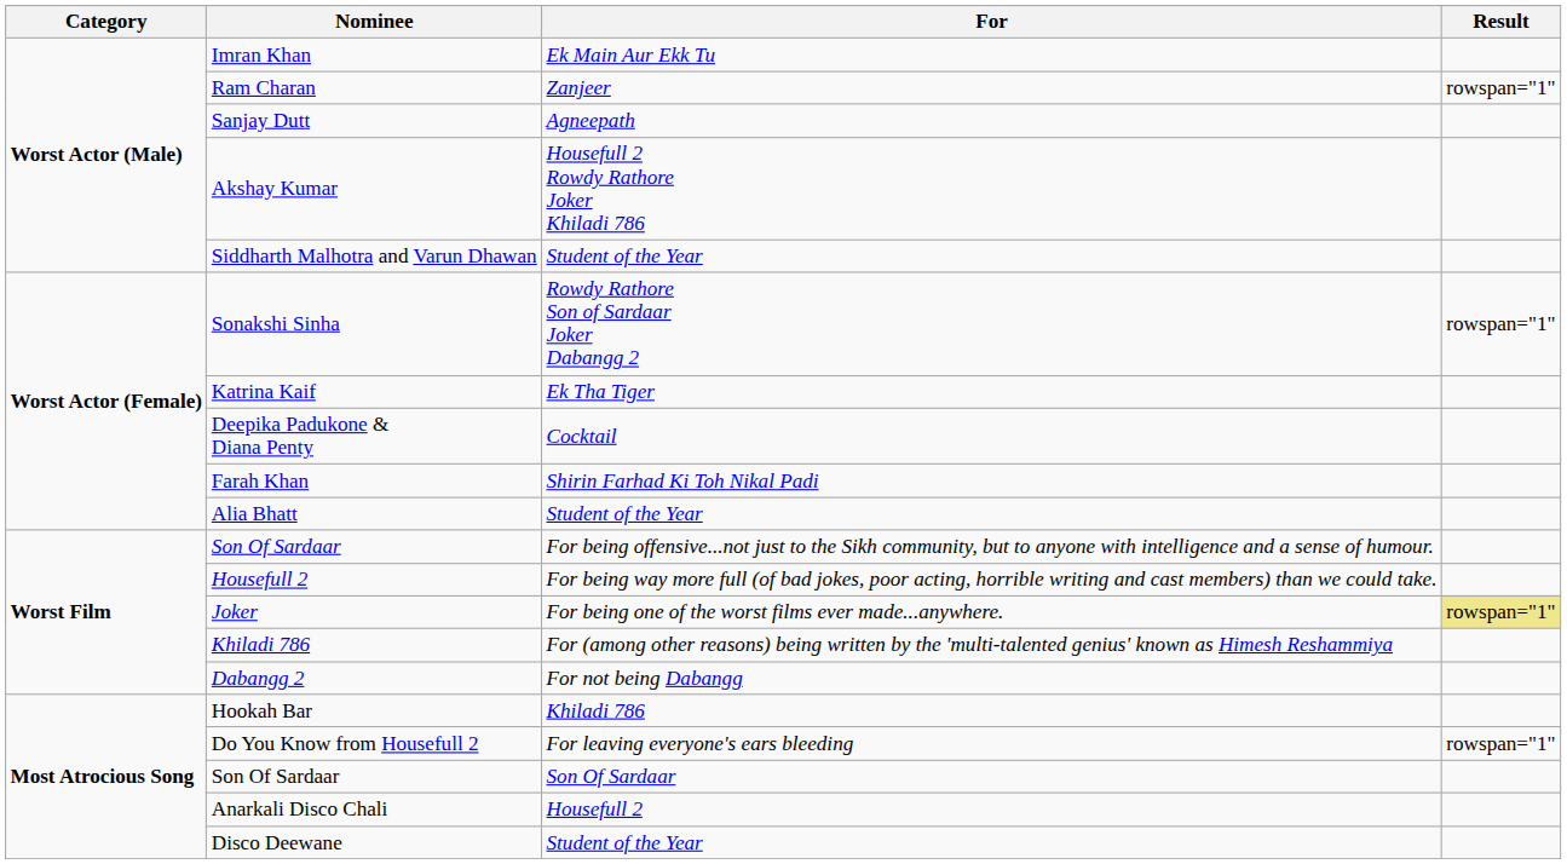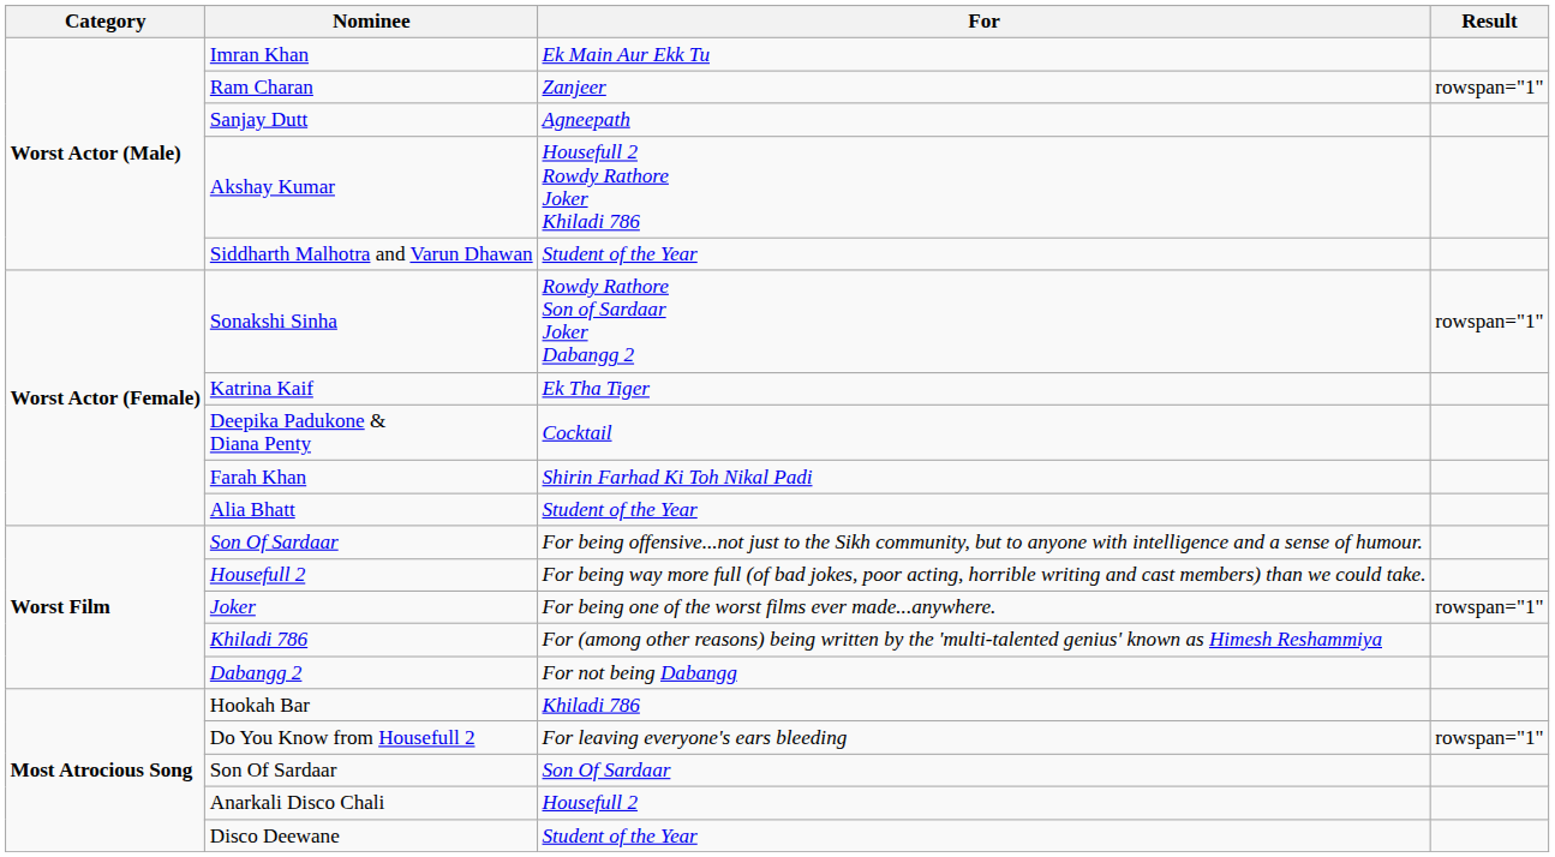 <table class="wikitable">
 <tr style="background:#ccc; width="100%" text-align:center;" bgcolor="#B0C4DE">
 <th>Category</th>
 <th>Nominee</th>
 <th>For</th>
 <th>Result</th>
 </tr>
 <tr>
 <td rowspan="5"><strong>Worst Actor (Male)</strong></td>
 <td><a href='#'>Imran Khan</a></td>
 <td><em><a href='#'>Ek Main Aur Ekk Tu</a></em></td>
 <td></td>
 </tr>
 <tr>
 <td><a href='#'>Ram Charan</a></td>
 <td><em><a href='#'>Zanjeer</a></em></td>
 <td>rowspan="1" </td>
 </tr>
 <tr>
 <td><a href='#'>Sanjay Dutt</a></td>
 <td><em><a href='#'>Agneepath</a></em></td>
 <td></td>
 </tr>
 <tr>
 <td><a href='#'>Akshay Kumar</a></td>
 <td><em><a href='#'>Housefull 2</a></em><br><em><a href='#'>Rowdy Rathore</a></em><br><em><a href='#'>Joker</a></em><br><em><a href='#'>Khiladi 786</a></em></td>
 <td></td>
 </tr>
 <tr>
 <td><a href='#'>Siddharth Malhotra</a> and <a href='#'>Varun Dhawan</a></td>
 <td><em><a href='#'>Student of the Year</a></em></td>
 <td></td>
 </tr>
 <tr>
 <td rowspan="5"><strong>Worst Actor (Female)</strong></td>
 <td><a href='#'>Sonakshi Sinha</a></td>
 <td><em><a href='#'>Rowdy Rathore</a></em><br><em><a href='#'>Son of Sardaar</a></em><br><em><a href='#'>Joker</a></em><br><em><a href='#'>Dabangg 2</a></em></td>
 <td>rowspan="1" </td>
 </tr>
 <tr>
 <td><a href='#'>Katrina Kaif</a></td>
 <td><em><a href='#'>Ek Tha Tiger</a></em></td>
 <td></td>
 </tr>
 <tr>
 <td><a href='#'>Deepika Padukone</a> &<br><a href='#'>Diana Penty</a></td>
 <td><em><a href='#'>Cocktail</a></em></td>
 <td></td>
 </tr>
 <tr>
 <td><a href='#'>Farah Khan</a></td>
 <td><em><a href='#'>Shirin Farhad Ki Toh Nikal Padi</a></em></td>
 <td></td>
 </tr>
 <tr>
 <td><a href='#'>Alia Bhatt</a></td>
 <td><em><a href='#'>Student of the Year</a></em></td>
 <td></td>
 </tr>
 <tr>
 <td rowspan="5"><strong>Worst Film</strong></td>
 <td><em><a href='#'>Son Of Sardaar</a></em></td>
 <td><em>For being offensive...not just to the Sikh community, but to anyone with intelligence and a sense of humour.</em></td>
 <td></td>
 </tr>
 <tr>
 <td><em><a href='#'>Housefull 2</a></em></td>
 <td><em>For being way more full (of bad jokes, poor acting, horrible writing and cast members) than we could take.</em></td>
 <td></td>
 </tr>
 <tr>
 <td><em><a href='#'>Joker</a></em></td>
 <td><em>For being one of the worst films ever made...anywhere.</em></td>
-<td style="background: khaki;">rowspan="1" </td>
+<td>rowspan="1" </td>
 </tr>
 <tr>
 <td><em><a href='#'>Khiladi 786</a></em></td>
 <td><em>For (among other reasons) being written by the 'multi-talented genius' known as <a href='#'>Himesh Reshammiya</a></em></td>
 <td></td>
 </tr>
 <tr>
 <td><em><a href='#'>Dabangg 2</a></em></td>
 <td><em>For not being <a href='#'>Dabangg</a></em></td>
 <td></td>
 </tr>
 <tr>
 <td rowspan="5"><strong>Most Atrocious Song</strong></td>
 <td>Hookah Bar</td>
 <td><em><a href='#'>Khiladi 786</a></em></td>
 <td></td>
 </tr>
 <tr>
 <td>Do You Know from <a href='#'>Housefull 2</a></td>
 <td><em>For leaving everyone's ears bleeding</em></td>
 <td>rowspan="1" </td>
 </tr>
 <tr>
 <td>Son Of Sardaar</td>
 <td><em><a href='#'>Son Of Sardaar</a></em></td>
 <td></td>
 </tr>
 <tr>
 <td>Anarkali Disco Chali</td>
 <td><em><a href='#'>Housefull 2</a></em></td>
 <td></td>
 </tr>
 <tr>
 <td>Disco Deewane</td>
 <td><em><a href='#'>Student of the Year</a></em></td>
 <td></td>
 </tr>
 </table>
